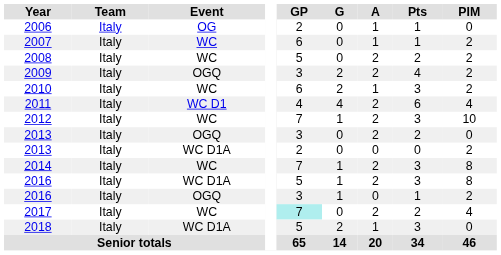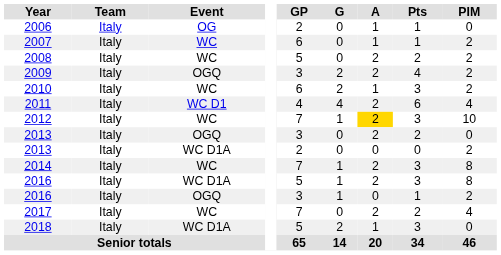 <table border="0" cellpadding="1" cellspacing="0" style="text-align:center; width:40em">
 <tr ALIGN="center" bgcolor="#e0e0e0">
 <th>Year</th>
 <th>Team</th>
 <th>Event</th>
 <th ALIGN="center" rowspan="99" bgcolor="#ffffff"> </th>
 <th>GP</th>
 <th>G</th>
 <th>A</th>
 <th>Pts</th>
 <th>PIM</th>
 </tr>
 <tr>
 <td><a href='#'>2006</a></td>
 <td><a href='#'>Italy</a></td>
 <td><a href='#'>OG</a></td>
 <td>2</td>
 <td>0</td>
 <td>1</td>
 <td>1</td>
 <td>0</td>
 </tr>
 <tr bgcolor="#f0f0f0">
 <td><a href='#'>2007</a></td>
 <td>Italy</td>
 <td><a href='#'>WC</a></td>
 <td>6</td>
 <td>0</td>
 <td>1</td>
 <td>1</td>
 <td>2</td>
 </tr>
 <tr>
 <td><a href='#'>2008</a></td>
 <td>Italy</td>
 <td>WC</td>
 <td>5</td>
 <td>0</td>
 <td>2</td>
 <td>2</td>
 <td>2</td>
 </tr>
 <tr bgcolor="#f0f0f0">
 <td><a href='#'>2009</a></td>
 <td>Italy</td>
 <td>OGQ</td>
 <td>3</td>
 <td>2</td>
 <td>2</td>
 <td>4</td>
 <td>2</td>
 </tr>
 <tr>
 <td><a href='#'>2010</a></td>
 <td>Italy</td>
 <td>WC</td>
 <td>6</td>
 <td>2</td>
 <td>1</td>
 <td>3</td>
 <td>2</td>
 </tr>
 <tr bgcolor="#f0f0f0">
 <td><a href='#'>2011</a></td>
 <td>Italy</td>
 <td><a href='#'>WC D1</a></td>
 <td>4</td>
 <td>4</td>
 <td>2</td>
 <td>6</td>
 <td>4</td>
 </tr>
 <tr>
 <td><a href='#'>2012</a></td>
 <td>Italy</td>
 <td>WC</td>
 <td>7</td>
 <td>1</td>
-<td>2</td>
+<td style="background: gold;">2</td>
 <td>3</td>
 <td>10</td>
 </tr>
 <tr bgcolor="#f0f0f0">
 <td><a href='#'>2013</a></td>
 <td>Italy</td>
 <td>OGQ</td>
 <td>3</td>
 <td>0</td>
 <td>2</td>
 <td>2</td>
 <td>0</td>
 </tr>
 <tr>
 <td><a href='#'>2013</a></td>
 <td>Italy</td>
 <td>WC D1A</td>
 <td>2</td>
 <td>0</td>
 <td>0</td>
 <td>0</td>
 <td>2</td>
 </tr>
 <tr bgcolor="#f0f0f0">
 <td><a href='#'>2014</a></td>
 <td>Italy</td>
 <td>WC</td>
 <td>7</td>
 <td>1</td>
 <td>2</td>
 <td>3</td>
 <td>8</td>
 </tr>
 <tr>
 <td><a href='#'>2016</a></td>
 <td>Italy</td>
 <td>WC D1A</td>
 <td>5</td>
 <td>1</td>
 <td>2</td>
 <td>3</td>
 <td>8</td>
 </tr>
 <tr bgcolor="#f0f0f0">
 <td><a href='#'>2016</a></td>
 <td>Italy</td>
 <td>OGQ</td>
 <td>3</td>
 <td>1</td>
 <td>0</td>
 <td>1</td>
 <td>2</td>
 </tr>
 <tr>
 <td><a href='#'>2017</a></td>
 <td>Italy</td>
 <td>WC</td>
-<td style="background: paleturquoise;">7</td>
+<td>7</td>
 <td>0</td>
 <td>2</td>
 <td>2</td>
 <td>4</td>
 </tr>
 <tr bgcolor="#f0f0f0">
 <td><a href='#'>2018</a></td>
 <td>Italy</td>
 <td>WC D1A</td>
 <td>5</td>
 <td>2</td>
 <td>1</td>
 <td>3</td>
 <td>0</td>
 </tr>
 <tr bgcolor="#e0e0e0">
 <th colspan="3">Senior totals</th>
 <th>65</th>
 <th>14</th>
 <th>20</th>
 <th>34</th>
 <th>46</th>
 </tr>
 </table>
